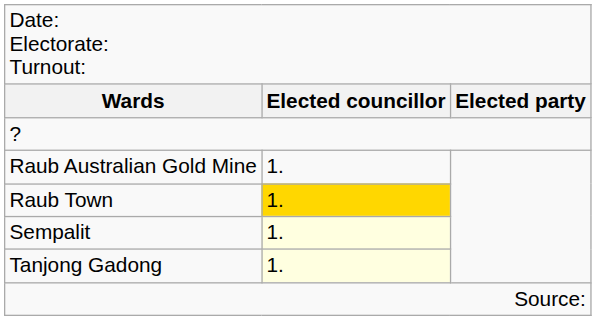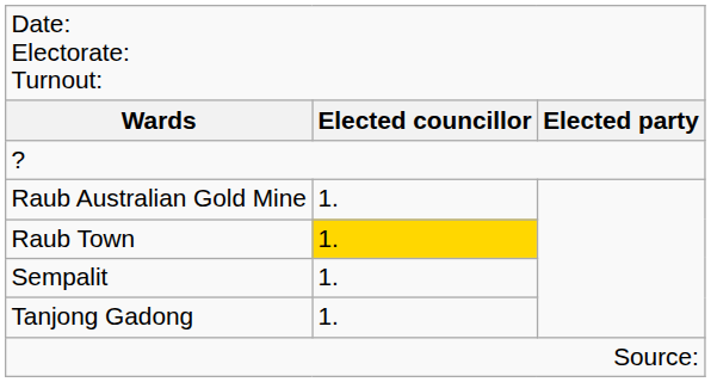 <table class=wikitable>
 <tr>
 <td colspan=3>Date: <br>Electorate: <br>Turnout:</td>
 </tr>
 <tr>
 <th>Wards</th>
 <th>Elected councillor</th>
 <th>Elected party</th>
 </tr>
 <tr>
 <td colspan=3>? </td>
 </tr>
 <tr>
 <td>Raub Australian Gold Mine</td>
 <td>1.</td>
 </tr>
 <tr>
 <td>Raub Town</td>
 <td style="background: gold;">1.</td>
 </tr>
 <tr>
 <td>Sempalit</td>
-<td style="background: lightyellow;">1.</td>
+<td>1.</td>
 </tr>
 <tr>
 <td>Tanjong Gadong</td>
-<td style="background: lightyellow;">1.</td>
+<td>1.</td>
 </tr>
 <tr>
 <td colspan=3 align=right>Source:</td>
 </tr>
 </table>
